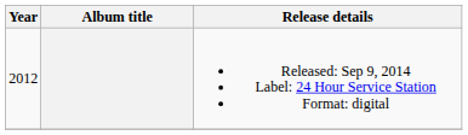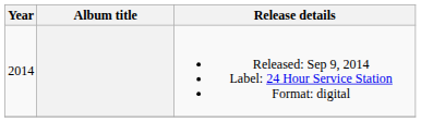 <table class="wikitable plainrowheaders" style="text-align:center;">
 <tr>
 <th>Year</th>
 <th scope="col" rowspan="1" style="width:10em;">Album title</th>
 <th scope="col" rowspan="1" style="width:18em;">Release details</th>
 </tr>
 <tr>
-<td>2012</td>
+<td>2014</td>
 <th></th>
 <td><br><ul><li>Released: Sep 9, 2014</li><li>Label: <a href='#'>24 Hour Service Station</a></li><li>Format: digital</li></ul></td>
 </tr>
 <tr>
 </tr>
 </table>
